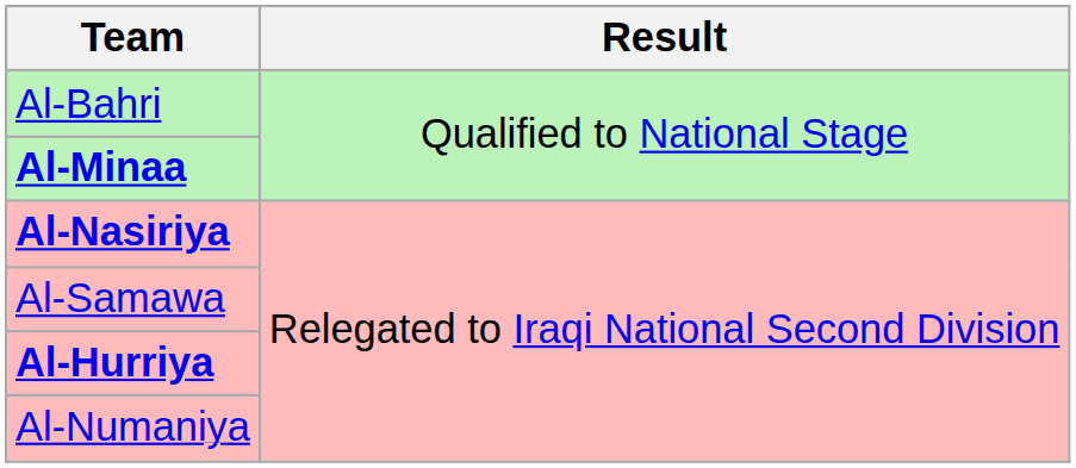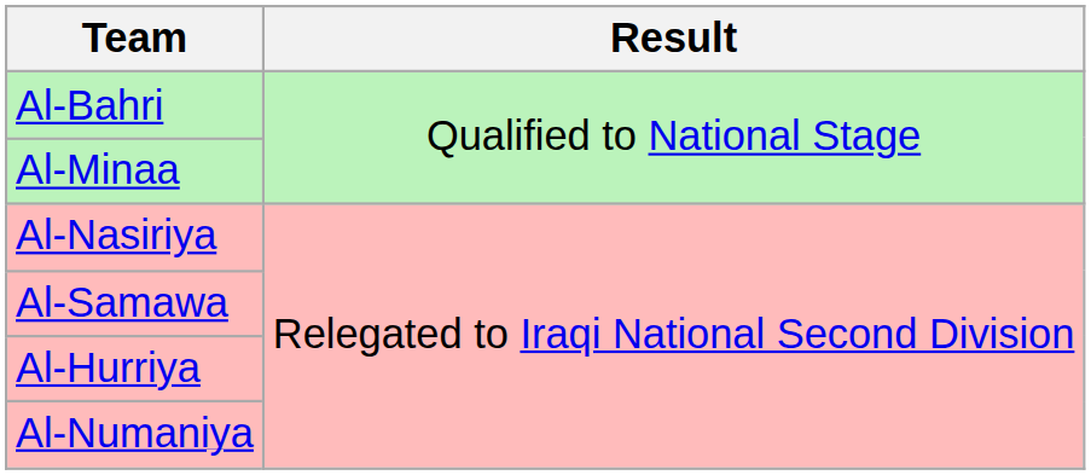 <table class="wikitable" style="text-align: center;">
 <tr>
 <th>Team</th>
 <th>Result</th>
 </tr>
 <tr>
 <td style="background:#BBF3BB; text-align: left"><a href='#'>Al-Bahri</a></td>
 <td style="background:#BBF3BB;" rowspan=2>Qualified to <a href='#'>National Stage</a></td>
 </tr>
 <tr>
-<td style="background:#BBF3BB; text-align: left"><strong><a href='#'>Al-Minaa</a></strong></td>
+<td style="background:#BBF3BB; text-align: left"><a href='#'>Al-Minaa</a></td>
 </tr>
 <tr>
-<td style="background:#FFBBBB; text-align: left"><strong><a href='#'>Al-Nasiriya</a></strong></td>
+<td style="background:#FFBBBB; text-align: left"><a href='#'>Al-Nasiriya</a></td>
 <td style="background:#FFBBBB;" rowspan=4>Relegated to <a href='#'>Iraqi National Second Division</a></td>
 </tr>
 <tr>
 <td style="background:#FFBBBB; text-align: left"><a href='#'>Al-Samawa</a></td>
 </tr>
 <tr>
-<td style="background:#FFBBBB; text-align: left"><strong><a href='#'>Al-Hurriya</a></strong></td>
+<td style="background:#FFBBBB; text-align: left"><a href='#'>Al-Hurriya</a></td>
 </tr>
 <tr>
 <td style="background:#FFBBBB; text-align: left"><a href='#'>Al-Numaniya</a></td>
 </tr>
 </table>
